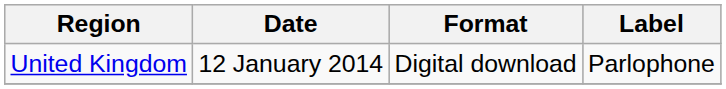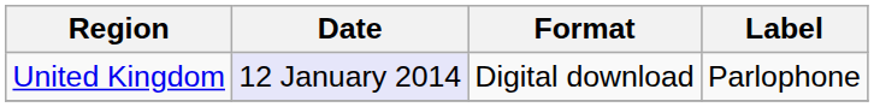 <table class=wikitable>
 <tr>
 <th>Region</th>
 <th>Date</th>
 <th>Format</th>
 <th>Label</th>
 </tr>
 <tr>
 <td><a href='#'>United Kingdom</a></td>
-<td>12 January 2014</td>
+<td style="background: lavender;">12 January 2014</td>
 <td>Digital download</td>
 <td>Parlophone</td>
 </tr>
 <tr>
 </tr>
 </table>
